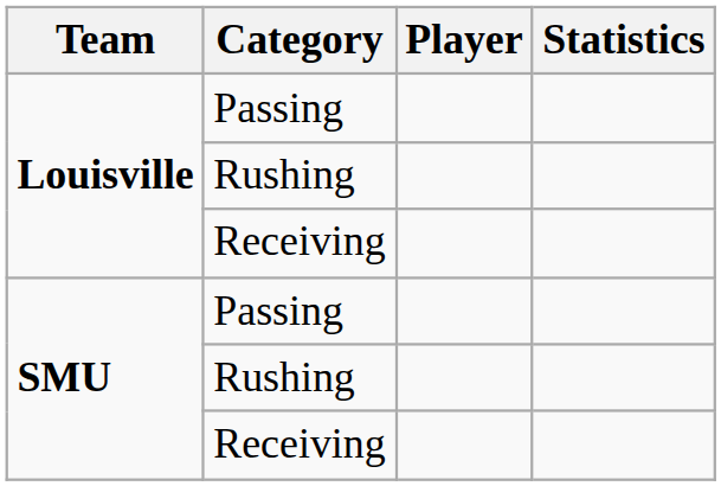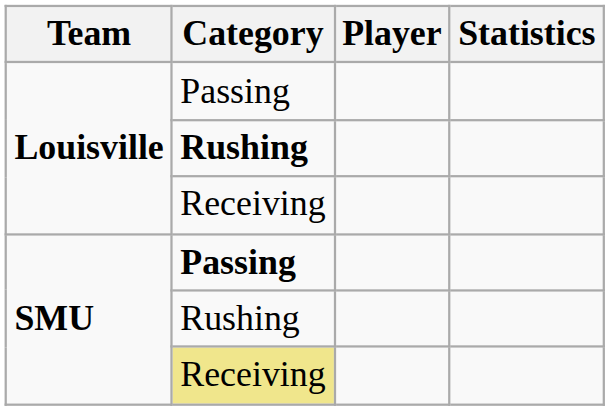 <table class="wikitable" style="float: right;">
 <tr>
 <th>Team</th>
 <th>Category</th>
 <th>Player</th>
 <th>Statistics</th>
 </tr>
 <tr>
 <td rowspan=3><strong>Louisville</strong></td>
 <td>Passing</td>
 <td></td>
 <td></td>
 </tr>
 <tr>
-<td>Rushing</td>
+<td><strong>Rushing</strong></td>
 <td></td>
 <td></td>
 </tr>
 <tr>
 <td>Receiving</td>
 <td></td>
 <td></td>
 </tr>
 <tr>
 <td rowspan=3><strong>SMU</strong></td>
-<td>Passing</td>
+<td><strong>Passing</strong></td>
 <td></td>
 <td></td>
 </tr>
 <tr>
 <td>Rushing</td>
 <td></td>
 <td></td>
 </tr>
 <tr>
-<td>Receiving</td>
+<td style="background: khaki;">Receiving</td>
 <td></td>
 <td></td>
 </tr>
 </table>
